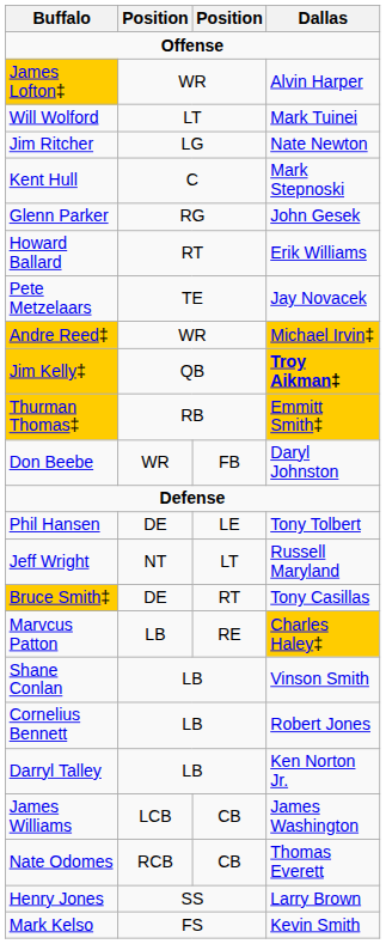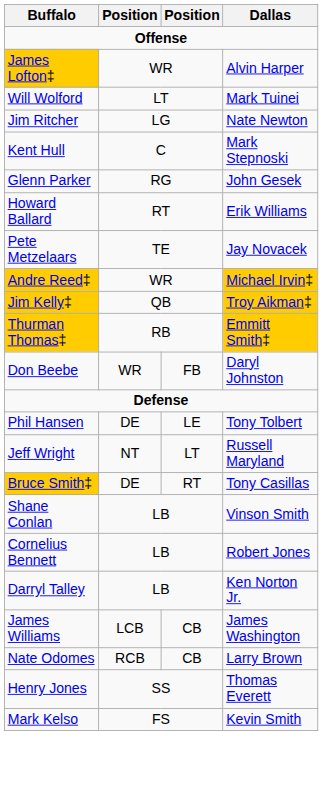 <table class="wikitable">
 <tr>
 <th style="width:100px">Buffalo</th>
 <th>Position</th>
 <th>Position</th>
 <th style="width:100px">Dallas</th>
 </tr>
 <tr>
 <td colspan="4" style="text-align:center;"><strong>Offense</strong></td>
 </tr>
 <tr>
 <td bgcolor="#FFCC00"><a href='#'>James Lofton</a>‡</td>
 <td colspan="2" style="text-align:center;">WR</td>
 <td><a href='#'>Alvin Harper</a></td>
 </tr>
 <tr>
 <td><a href='#'>Will Wolford</a></td>
 <td colspan="2" style="text-align:center;">LT</td>
 <td><a href='#'>Mark Tuinei</a></td>
 </tr>
 <tr>
 <td><a href='#'>Jim Ritcher</a></td>
 <td colspan="2" style="text-align:center;">LG</td>
 <td><a href='#'>Nate Newton</a></td>
 </tr>
 <tr>
 <td><a href='#'>Kent Hull</a></td>
 <td colspan="2" style="text-align:center;">C</td>
 <td><a href='#'>Mark Stepnoski</a></td>
 </tr>
 <tr>
 <td><a href='#'>Glenn Parker</a></td>
 <td colspan="2" style="text-align:center;">RG</td>
 <td><a href='#'>John Gesek</a></td>
 </tr>
 <tr>
 <td><a href='#'>Howard Ballard</a></td>
 <td colspan="2" style="text-align:center;">RT</td>
 <td><a href='#'>Erik Williams</a></td>
 </tr>
 <tr>
 <td><a href='#'>Pete Metzelaars</a></td>
 <td colspan="2" style="text-align:center;">TE</td>
 <td><a href='#'>Jay Novacek</a></td>
 </tr>
 <tr>
 <td bgcolor="#FFCC00"><a href='#'>Andre Reed</a>‡</td>
 <td colspan="2" style="text-align:center;">WR</td>
 <td bgcolor="#FFCC00"><a href='#'>Michael Irvin</a>‡</td>
 </tr>
 <tr>
 <td bgcolor="#FFCC00"><a href='#'>Jim Kelly</a>‡</td>
 <td colspan="2" style="text-align:center;">QB</td>
-<td bgcolor="#FFCC00"><strong><a href='#'>Troy Aikman</a>‡</strong></td>
+<td bgcolor="#FFCC00"><a href='#'>Troy Aikman</a>‡</td>
 </tr>
 <tr>
 <td bgcolor="#FFCC00"><a href='#'>Thurman Thomas</a>‡</td>
 <td colspan="2" style="text-align:center;">RB</td>
 <td bgcolor="#FFCC00"><a href='#'>Emmitt Smith</a>‡</td>
 </tr>
 <tr>
 <td><a href='#'>Don Beebe</a></td>
 <td style="text-align:center;">WR</td>
 <td style="text-align:center;">FB</td>
 <td><a href='#'>Daryl Johnston</a></td>
 </tr>
 <tr>
 <td colspan="4" style="text-align:center;"><strong>Defense</strong></td>
 </tr>
 <tr>
 <td><a href='#'>Phil Hansen</a></td>
 <td style="text-align:center;">DE</td>
 <td style="text-align:center;">LE</td>
 <td><a href='#'>Tony Tolbert</a></td>
 </tr>
 <tr>
 <td><a href='#'>Jeff Wright</a></td>
 <td style="text-align:center;">NT</td>
 <td style="text-align:center;">LT</td>
 <td><a href='#'>Russell Maryland</a></td>
 </tr>
 <tr>
 <td bgcolor="#FFCC00"><a href='#'>Bruce Smith</a>‡</td>
 <td style="text-align:center;">DE</td>
 <td style="text-align:center;">RT</td>
 <td><a href='#'>Tony Casillas</a></td>
 </tr>
 <tr>
-<td><a href='#'>Marvcus Patton</a></td>
-<td style="text-align:center;">LB</td>
-<td style="text-align:center;">RE</td>
-<td bgcolor="#FFCC00"><a href='#'>Charles Haley</a>‡</td>
-</tr>
-<tr>
 <td><a href='#'>Shane Conlan</a></td>
 <td colspan="2" style="text-align:center;">LB</td>
 <td><a href='#'>Vinson Smith</a></td>
 </tr>
 <tr>
 <td><a href='#'>Cornelius Bennett</a></td>
 <td colspan="2" style="text-align:center;">LB</td>
 <td><a href='#'>Robert Jones</a></td>
 </tr>
 <tr>
 <td><a href='#'>Darryl Talley</a></td>
 <td colspan="2" style="text-align:center;">LB</td>
 <td><a href='#'>Ken Norton Jr.</a></td>
 </tr>
 <tr>
 <td><a href='#'>James Williams</a></td>
 <td style="text-align:center;">LCB</td>
 <td style="text-align:center;">CB</td>
 <td><a href='#'>James Washington</a></td>
 </tr>
 <tr>
 <td><a href='#'>Nate Odomes</a></td>
 <td style="text-align:center;">RCB</td>
 <td style="text-align:center;">CB</td>
-<td><a href='#'>Thomas Everett</a></td>
+<td><a href='#'>Larry Brown</a></td>
 </tr>
 <tr>
 <td><a href='#'>Henry Jones</a></td>
 <td colspan="2" style="text-align:center;">SS</td>
-<td><a href='#'>Larry Brown</a></td>
+<td><a href='#'>Thomas Everett</a></td>
 </tr>
 <tr>
 <td><a href='#'>Mark Kelso</a></td>
 <td colspan="2" style="text-align:center;">FS</td>
 <td><a href='#'>Kevin Smith</a></td>
 </tr>
 </table>
